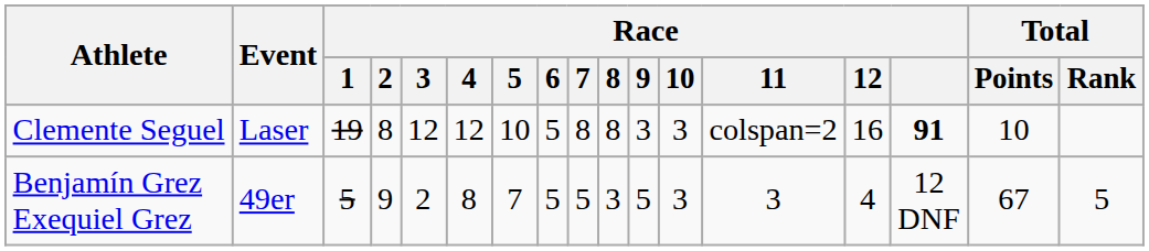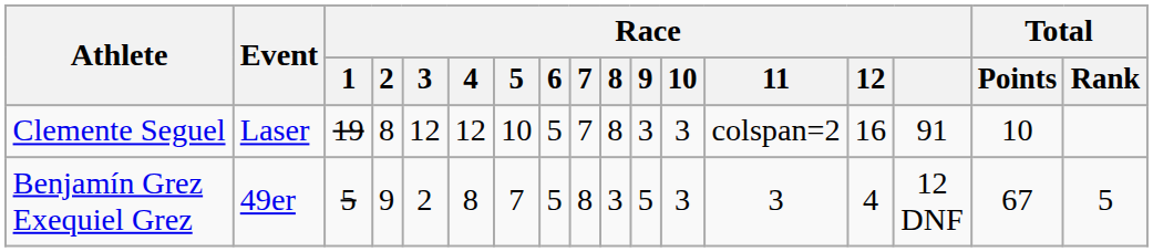 <table class=wikitable style=font-size:90%;text-align:center>
 <tr>
 <th rowspan=2>Athlete</th>
 <th rowspan=2>Event</th>
 <th colspan=13>Race</th>
 <th colspan=2>Total</th>
 </tr>
 <tr style=font-size:95%>
 <th>1</th>
 <th>2</th>
 <th>3</th>
 <th>4</th>
 <th>5</th>
 <th>6</th>
 <th>7</th>
 <th>8</th>
 <th>9</th>
 <th>10</th>
 <th>11</th>
 <th>12</th>
 <th></th>
 <th>Points</th>
 <th>Rank</th>
 </tr>
 <tr>
 <td align=left><a href='#'>Clemente Seguel</a></td>
 <td align=left><a href='#'>Laser</a></td>
 <td><s>19</s></td>
 <td>8</td>
 <td>12</td>
 <td>12</td>
 <td>10</td>
 <td>5</td>
-<td>8</td>
+<td>7</td>
 <td>8</td>
 <td>3</td>
 <td>3</td>
 <td>colspan=2 </td>
 <td>16</td>
-<td><strong>91</strong></td>
+<td>91</td>
 <td>10</td>
 </tr>
 <tr>
 <td align=left><a href='#'>Benjamín Grez</a><br><a href='#'>Exequiel Grez</a></td>
 <td align=left><a href='#'>49er</a></td>
 <td><s>5</s></td>
 <td>9</td>
 <td>2</td>
 <td>8</td>
 <td>7</td>
 <td>5</td>
-<td>5</td>
+<td>8</td>
 <td>3</td>
 <td>5</td>
 <td>3</td>
 <td>3</td>
 <td>4</td>
 <td>12<br>DNF</td>
 <td>67</td>
 <td>5</td>
 </tr>
 </table>
